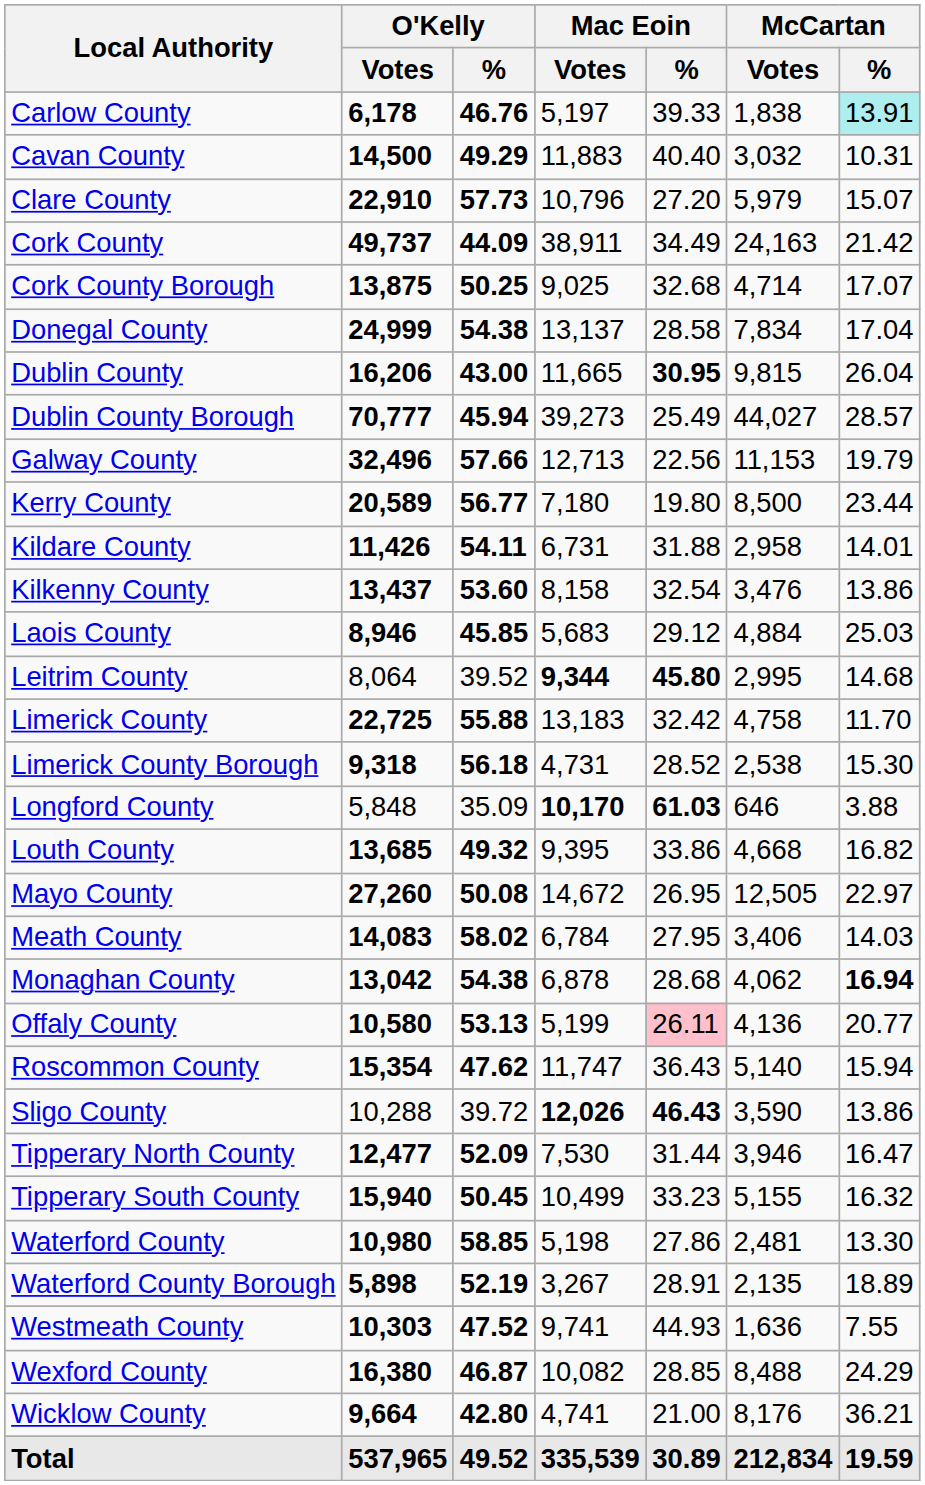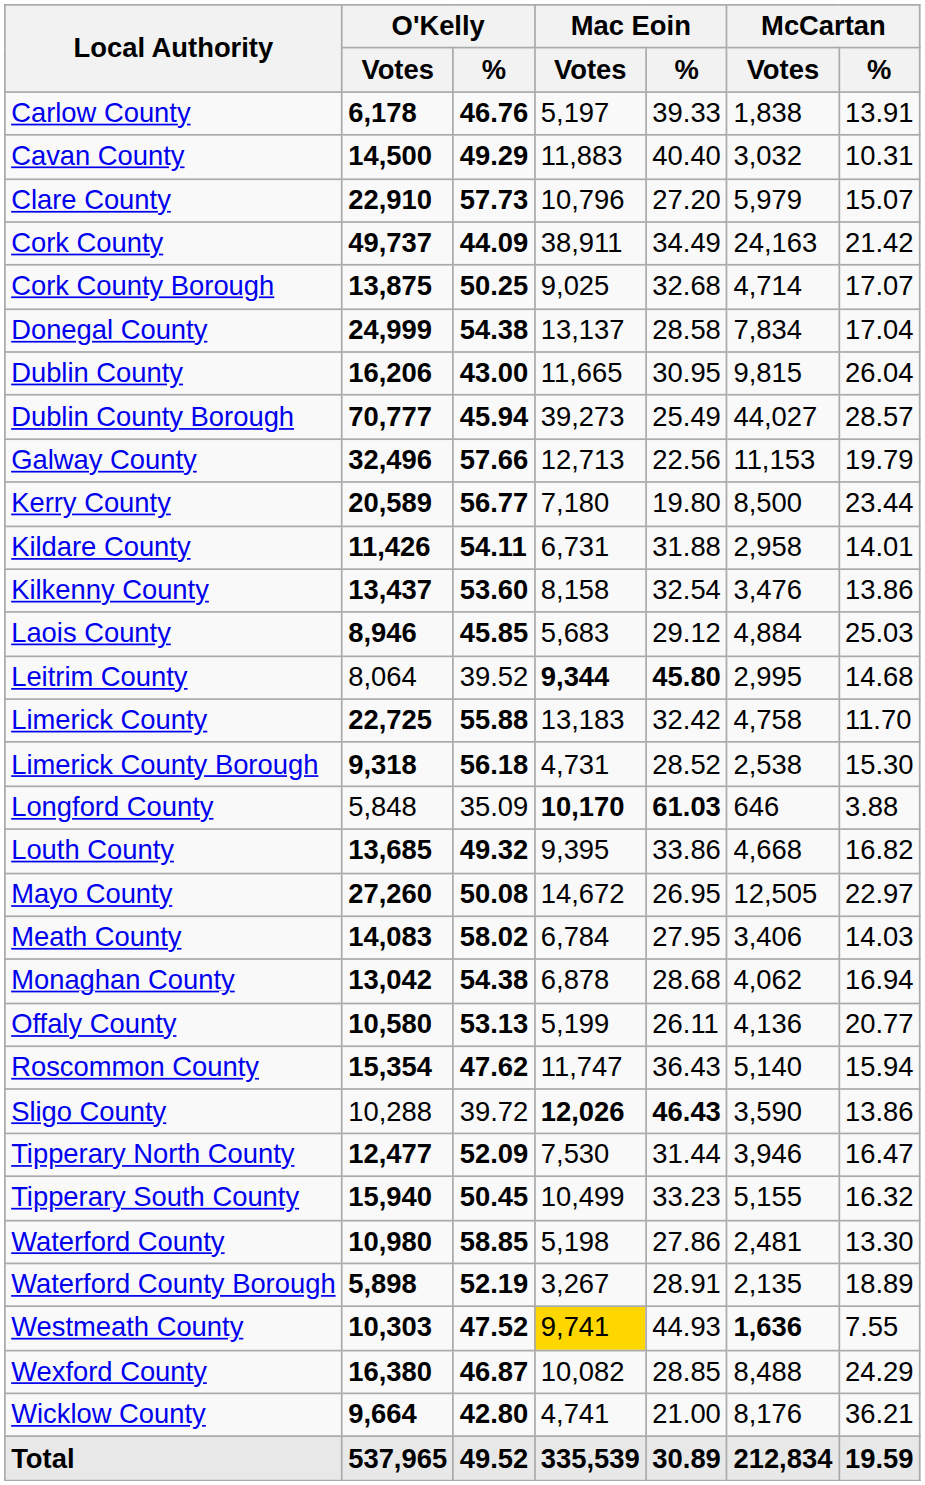 <table class="wikitable sortable collapsed">
 <tr>
 <th rowspan=2>Local Authority</th>
 <th colspan=2>O'Kelly</th>
 <th colspan=2>Mac Eoin</th>
 <th colspan=2>McCartan</th>
 </tr>
 <tr>
 <th>Votes</th>
 <th>%</th>
 <th>Votes</th>
 <th>%</th>
 <th>Votes</th>
 <th>%</th>
 </tr>
 <tr>
 <td><a href='#'>Carlow County</a></td>
 <td><strong>6,178</strong></td>
 <td><strong>46.76</strong></td>
 <td>5,197</td>
 <td>39.33</td>
 <td>1,838</td>
-<td style="background: paleturquoise;">13.91</td>
+<td>13.91</td>
 </tr>
 <tr>
 <td><a href='#'>Cavan County</a></td>
 <td><strong>14,500</strong></td>
 <td><strong>49.29</strong></td>
 <td>11,883</td>
 <td>40.40</td>
 <td>3,032</td>
 <td>10.31</td>
 </tr>
 <tr>
 <td><a href='#'>Clare County</a></td>
 <td><strong>22,910</strong></td>
 <td><strong>57.73</strong></td>
 <td>10,796</td>
 <td>27.20</td>
 <td>5,979</td>
 <td>15.07</td>
 </tr>
 <tr>
 <td><a href='#'>Cork County</a></td>
 <td><strong>49,737</strong></td>
 <td><strong>44.09</strong></td>
 <td>38,911</td>
 <td>34.49</td>
 <td>24,163</td>
 <td>21.42</td>
 </tr>
 <tr>
 <td><a href='#'>Cork County Borough</a></td>
 <td><strong>13,875</strong></td>
 <td><strong>50.25</strong></td>
 <td>9,025</td>
 <td>32.68</td>
 <td>4,714</td>
 <td>17.07</td>
 </tr>
 <tr>
 <td><a href='#'>Donegal County</a></td>
 <td><strong>24,999</strong></td>
 <td><strong>54.38</strong></td>
 <td>13,137</td>
 <td>28.58</td>
 <td>7,834</td>
 <td>17.04</td>
 </tr>
 <tr>
 <td><a href='#'>Dublin County</a></td>
 <td><strong>16,206</strong></td>
 <td><strong>43.00</strong></td>
 <td>11,665</td>
-<td><strong>30.95</strong></td>
+<td>30.95</td>
 <td>9,815</td>
 <td>26.04</td>
 </tr>
 <tr>
 <td><a href='#'>Dublin County Borough</a></td>
 <td><strong>70,777</strong></td>
 <td><strong>45.94</strong></td>
 <td>39,273</td>
 <td>25.49</td>
 <td>44,027</td>
 <td>28.57</td>
 </tr>
 <tr>
 <td><a href='#'>Galway County</a></td>
 <td><strong>32,496</strong></td>
 <td><strong>57.66</strong></td>
 <td>12,713</td>
 <td>22.56</td>
 <td>11,153</td>
 <td>19.79</td>
 </tr>
 <tr>
 <td><a href='#'>Kerry County</a></td>
 <td><strong>20,589</strong></td>
 <td><strong>56.77</strong></td>
 <td>7,180</td>
 <td>19.80</td>
 <td>8,500</td>
 <td>23.44</td>
 </tr>
 <tr>
 <td><a href='#'>Kildare County</a></td>
 <td><strong>11,426</strong></td>
 <td><strong>54.11</strong></td>
 <td>6,731</td>
 <td>31.88</td>
 <td>2,958</td>
 <td>14.01</td>
 </tr>
 <tr>
 <td><a href='#'>Kilkenny County</a></td>
 <td><strong>13,437</strong></td>
 <td><strong>53.60</strong></td>
 <td>8,158</td>
 <td>32.54</td>
 <td>3,476</td>
 <td>13.86</td>
 </tr>
 <tr>
 <td><a href='#'>Laois County</a></td>
 <td><strong>8,946</strong></td>
 <td><strong>45.85</strong></td>
 <td>5,683</td>
 <td>29.12</td>
 <td>4,884</td>
 <td>25.03</td>
 </tr>
 <tr>
 <td><a href='#'>Leitrim County</a></td>
 <td>8,064</td>
 <td>39.52</td>
 <td><strong>9,344</strong></td>
 <td><strong>45.80</strong></td>
 <td>2,995</td>
 <td>14.68</td>
 </tr>
 <tr>
 <td><a href='#'>Limerick County</a></td>
 <td><strong>22,725</strong></td>
 <td><strong>55.88</strong></td>
 <td>13,183</td>
 <td>32.42</td>
 <td>4,758</td>
 <td>11.70</td>
 </tr>
 <tr>
 <td><a href='#'>Limerick County Borough</a></td>
 <td><strong>9,318</strong></td>
 <td><strong>56.18</strong></td>
 <td>4,731</td>
 <td>28.52</td>
 <td>2,538</td>
 <td>15.30</td>
 </tr>
 <tr>
 <td><a href='#'>Longford County</a></td>
 <td>5,848</td>
 <td>35.09</td>
 <td><strong>10,170</strong></td>
 <td><strong>61.03</strong></td>
 <td>646</td>
 <td>3.88</td>
 </tr>
 <tr>
 <td><a href='#'>Louth County</a></td>
 <td><strong>13,685</strong></td>
 <td><strong>49.32</strong></td>
 <td>9,395</td>
 <td>33.86</td>
 <td>4,668</td>
 <td>16.82</td>
 </tr>
 <tr>
 <td><a href='#'>Mayo County</a></td>
 <td><strong>27,260</strong></td>
 <td><strong>50.08</strong></td>
 <td>14,672</td>
 <td>26.95</td>
 <td>12,505</td>
 <td>22.97</td>
 </tr>
 <tr>
 <td><a href='#'>Meath County</a></td>
 <td><strong>14,083</strong></td>
 <td><strong>58.02</strong></td>
 <td>6,784</td>
 <td>27.95</td>
 <td>3,406</td>
 <td>14.03</td>
 </tr>
 <tr>
 <td><a href='#'>Monaghan County</a></td>
 <td><strong>13,042</strong></td>
 <td><strong>54.38</strong></td>
 <td>6,878</td>
 <td>28.68</td>
 <td>4,062</td>
-<td><strong>16.94</strong></td>
+<td>16.94</td>
 </tr>
 <tr>
 <td><a href='#'>Offaly County</a></td>
 <td><strong>10,580</strong></td>
 <td><strong>53.13</strong></td>
 <td>5,199</td>
-<td style="background: pink;">26.11</td>
+<td>26.11</td>
 <td>4,136</td>
 <td>20.77</td>
 </tr>
 <tr>
 <td><a href='#'>Roscommon County</a></td>
 <td><strong>15,354</strong></td>
 <td><strong>47.62</strong></td>
 <td>11,747</td>
 <td>36.43</td>
 <td>5,140</td>
 <td>15.94</td>
 </tr>
 <tr>
 <td><a href='#'>Sligo County</a></td>
 <td>10,288</td>
 <td>39.72</td>
 <td><strong>12,026</strong></td>
 <td><strong>46.43</strong></td>
 <td>3,590</td>
 <td>13.86</td>
 </tr>
 <tr>
 <td><a href='#'>Tipperary North County</a></td>
 <td><strong>12,477</strong></td>
 <td><strong>52.09</strong></td>
 <td>7,530</td>
 <td>31.44</td>
 <td>3,946</td>
 <td>16.47</td>
 </tr>
 <tr>
 <td><a href='#'>Tipperary South County</a></td>
 <td><strong>15,940</strong></td>
 <td><strong>50.45</strong></td>
 <td>10,499</td>
 <td>33.23</td>
 <td>5,155</td>
 <td>16.32</td>
 </tr>
 <tr>
 <td><a href='#'>Waterford County</a></td>
 <td><strong>10,980</strong></td>
 <td><strong>58.85</strong></td>
 <td>5,198</td>
 <td>27.86</td>
 <td>2,481</td>
 <td>13.30</td>
 </tr>
 <tr>
 <td><a href='#'>Waterford County Borough</a></td>
 <td><strong>5,898</strong></td>
 <td><strong>52.19</strong></td>
 <td>3,267</td>
 <td>28.91</td>
 <td>2,135</td>
 <td>18.89</td>
 </tr>
 <tr>
 <td><a href='#'>Westmeath County</a></td>
 <td><strong>10,303</strong></td>
 <td><strong>47.52</strong></td>
-<td>9,741</td>
+<td style="background: gold;">9,741</td>
 <td>44.93</td>
-<td>1,636</td>
+<td><strong>1,636</strong></td>
 <td>7.55</td>
 </tr>
 <tr>
 <td><a href='#'>Wexford County</a></td>
 <td><strong>16,380</strong></td>
 <td><strong>46.87</strong></td>
 <td>10,082</td>
 <td>28.85</td>
 <td>8,488</td>
 <td>24.29</td>
 </tr>
 <tr>
 <td><a href='#'>Wicklow County</a></td>
 <td><strong>9,664</strong></td>
 <td><strong>42.80</strong></td>
 <td>4,741</td>
 <td>21.00</td>
 <td>8,176</td>
 <td>36.21</td>
 </tr>
 <tr class="sortbottom" style="font-weight:bold; background:rgb(232,232,232);">
 <td>Total</td>
 <td><strong>537,965</strong></td>
 <td><strong>49.52</strong></td>
 <td>335,539</td>
 <td>30.89</td>
 <td>212,834</td>
 <td>19.59</td>
 </tr>
 </table>
